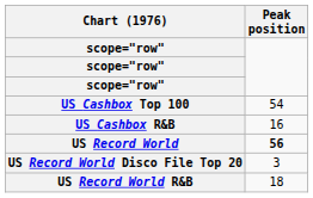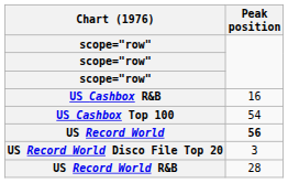 <table class="wikitable sortable plainrowheaders">
 <tr>
 <th scope="col">Chart (1976)</th>
 <th scope="col">Peak<br>position</th>
 </tr>
 <tr>
 <th>scope="row" </th>
 </tr>
 <tr>
 <th>scope="row" </th>
 </tr>
 <tr>
 <th>scope="row" </th>
 </tr>
 <tr>
+<th scope="row"><a href='#'>US <em>Cashbox</em></a> R&B</th>
+<td style="text-align:center;">16</td>
+</tr>
+<tr>
 <th scope="row"><a href='#'>US <em>Cashbox</em></a> Top 100</th>
 <td style="text-align:center;">54</td>
-</tr>
-<tr>
-<th scope="row"><a href='#'>US <em>Cashbox</em></a> R&B</th>
-<td style="text-align:center;">16</td>
 </tr>
 <tr>
 <th scope="row">US <em><a href='#'>Record World</a></em></th>
 <td style="text-align:center;"><strong>56</strong></td>
 </tr>
 <tr>
 <th scope="row">US <em><a href='#'>Record World</a></em> Disco File Top 20</th>
 <td style="text-align:center;">3</td>
 </tr>
 <tr>
 <th scope="row">US <em><a href='#'>Record World</a></em> R&B</th>
-<td style="text-align:center;">18</td>
+<td style="text-align:center;">28</td>
 </tr>
 </table>
